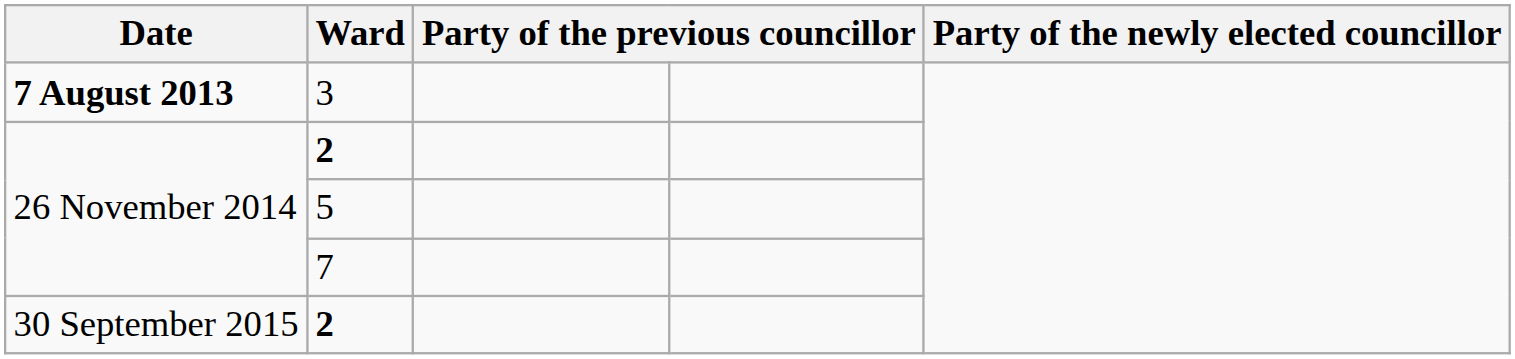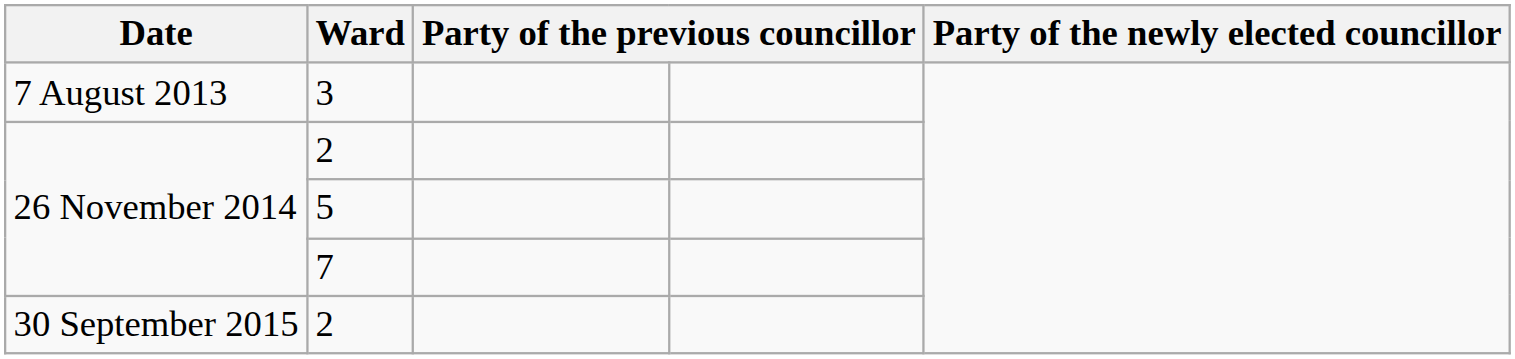 <table class="wikitable">
 <tr>
 <th>Date</th>
 <th>Ward</th>
 <th colspan=2>Party of the previous councillor</th>
 <th colspan=2>Party of the newly elected councillor</th>
 </tr>
 <tr>
-<td><strong>7 August 2013</strong></td>
+<td>7 August 2013</td>
 <td>3</td>
 <td></td>
 <td></td>
 </tr>
 <tr>
 <td rowspan=3>26 November 2014</td>
-<td><strong>2</strong></td>
+<td>2</td>
 <td></td>
 <td></td>
 </tr>
 <tr>
 <td>5</td>
 <td></td>
 <td></td>
 </tr>
 <tr>
 <td>7</td>
 <td></td>
 <td></td>
 </tr>
 <tr>
 <td>30 September 2015</td>
-<td><strong>2</strong></td>
+<td>2</td>
 <td></td>
 <td></td>
 </tr>
 </table>
